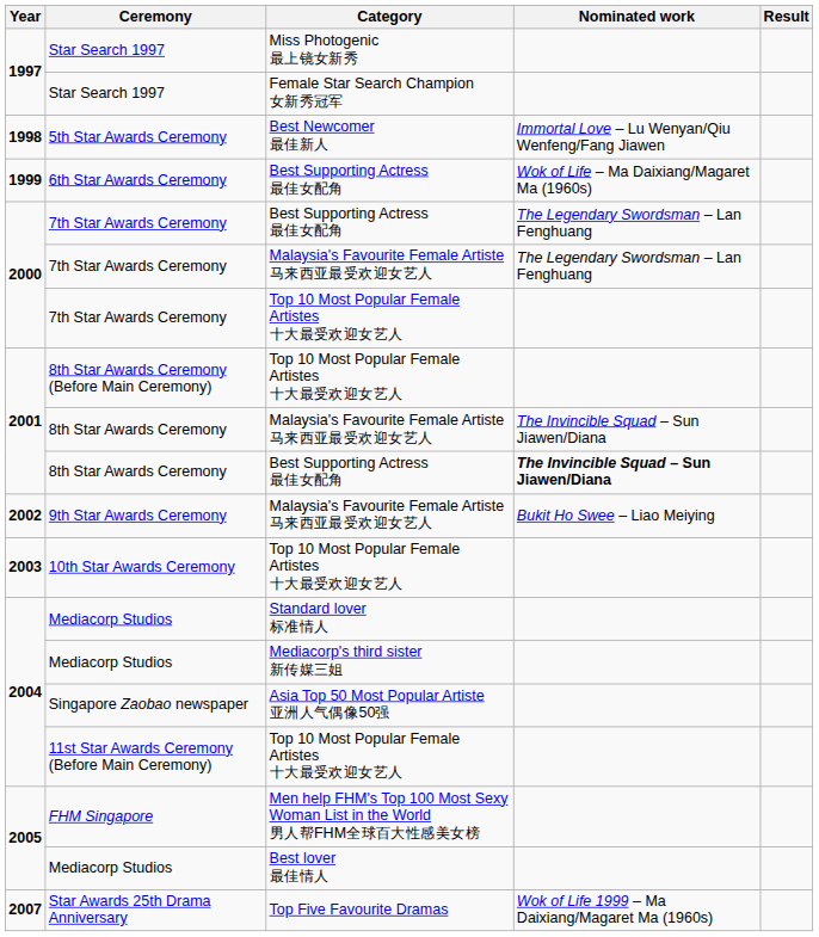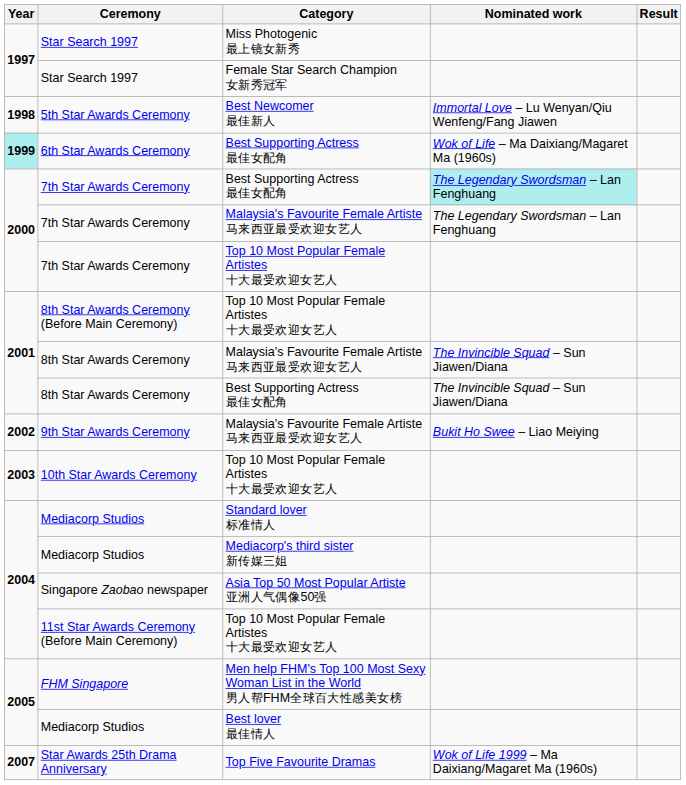 <table class="wikitable sortable">
 <tr>
 <th>Year</th>
 <th>Ceremony</th>
 <th>Category</th>
 <th>Nominated work</th>
 <th>Result</th>
 </tr>
 <tr>
 <td rowspan="2"><strong>1997</strong></td>
 <td><a href='#'>Star Search 1997</a></td>
 <td>Miss Photogenic<br>最上镜女新秀</td>
 <td></td>
 <td></td>
 </tr>
 <tr>
 <td>Star Search 1997</td>
 <td>Female Star Search Champion<br>女新秀冠军</td>
 <td></td>
 <td></td>
 </tr>
 <tr>
 <td><strong>1998</strong></td>
 <td><a href='#'>5th Star Awards Ceremony</a></td>
 <td><a href='#'>Best Newcomer</a><br>最佳新人</td>
 <td><em><a href='#'>Immortal Love</a></em> – Lu Wenyan/Qiu Wenfeng/Fang Jiawen</td>
 <td></td>
 </tr>
 <tr>
-<td><strong>1999</strong></td>
+<td style="background: paleturquoise;"><strong>1999</strong></td>
 <td><a href='#'>6th Star Awards Ceremony</a></td>
 <td><a href='#'>Best Supporting Actress</a><br>最佳女配角</td>
 <td><em><a href='#'>Wok of Life</a></em> – Ma Daixiang/Magaret Ma (1960s)</td>
 <td></td>
 </tr>
 <tr>
 <td rowspan="3"><strong>2000</strong></td>
 <td><a href='#'>7th Star Awards Ceremony</a></td>
 <td>Best Supporting Actress<br>最佳女配角</td>
-<td><em><a href='#'>The Legendary Swordsman</a></em> – Lan Fenghuang</td>
+<td style="background: paleturquoise;"><em><a href='#'>The Legendary Swordsman</a></em> – Lan Fenghuang</td>
 <td></td>
 </tr>
 <tr>
 <td>7th Star Awards Ceremony</td>
 <td><a href='#'>Malaysia's Favourite Female Artiste</a><br>马来西亚最受欢迎女艺人</td>
 <td><em>The Legendary Swordsman</em> – Lan Fenghuang</td>
 <td></td>
 </tr>
 <tr>
 <td>7th Star Awards Ceremony</td>
 <td><a href='#'>Top 10 Most Popular Female Artistes</a><br>十大最受欢迎女艺人</td>
 <td></td>
 <td></td>
 </tr>
 <tr>
 <td rowspan="3"><strong>2001</strong></td>
 <td><a href='#'>8th Star Awards Ceremony</a> (Before Main Ceremony)</td>
 <td>Top 10 Most Popular Female Artistes<br>十大最受欢迎女艺人</td>
 <td></td>
 <td></td>
 </tr>
 <tr>
 <td>8th Star Awards Ceremony</td>
 <td>Malaysia's Favourite Female Artiste<br>马来西亚最受欢迎女艺人</td>
 <td><em><a href='#'>The Invincible Squad</a></em> – Sun Jiawen/Diana</td>
 <td></td>
 </tr>
 <tr>
 <td>8th Star Awards Ceremony</td>
 <td>Best Supporting Actress<br>最佳女配角</td>
-<td><strong><em>The Invincible Squad</em> – Sun Jiawen/Diana</strong></td>
+<td><em>The Invincible Squad</em> – Sun Jiawen/Diana</td>
 <td></td>
 </tr>
 <tr>
 <td><strong>2002</strong></td>
 <td><a href='#'>9th Star Awards Ceremony</a></td>
 <td>Malaysia's Favourite Female Artiste<br>马来西亚最受欢迎女艺人</td>
 <td><em><a href='#'>Bukit Ho Swee</a></em> – Liao Meiying</td>
 <td></td>
 </tr>
 <tr>
 <td><strong>2003</strong></td>
 <td><a href='#'>10th Star Awards Ceremony</a></td>
 <td>Top 10 Most Popular Female Artistes<br>十大最受欢迎女艺人</td>
 <td></td>
 <td></td>
 </tr>
 <tr>
 <td rowspan="4"><strong>2004</strong></td>
 <td><a href='#'>Mediacorp Studios</a></td>
 <td><a href='#'>Standard lover</a><br>标准情人</td>
 <td></td>
 <td></td>
 </tr>
 <tr>
 <td>Mediacorp Studios</td>
 <td><a href='#'>Mediacorp's third sister</a><br>新传媒三姐</td>
 <td></td>
 <td></td>
 </tr>
 <tr>
 <td>Singapore <em>Zaobao</em> newspaper</td>
 <td><a href='#'>Asia Top 50 Most Popular Artiste</a><br>亚洲人气偶像50强</td>
 <td></td>
 <td></td>
 </tr>
 <tr>
 <td><a href='#'>11st Star Awards Ceremony</a> (Before Main Ceremony)</td>
 <td>Top 10 Most Popular Female Artistes<br>十大最受欢迎女艺人</td>
 <td></td>
 <td></td>
 </tr>
 <tr>
 <td rowspan="2"><strong>2005</strong></td>
 <td><em><a href='#'>FHM Singapore</a></em></td>
 <td><a href='#'>Men help FHM's Top 100 Most Sexy Woman List in the World</a><br>男人帮FHM全球百大性感美女榜</td>
 <td></td>
 <td></td>
 </tr>
 <tr>
 <td>Mediacorp Studios</td>
 <td><a href='#'>Best lover</a><br>最佳情人</td>
 <td></td>
 <td></td>
 </tr>
 <tr>
 <td><strong>2007</strong></td>
 <td><a href='#'>Star Awards 25th Drama Anniversary</a></td>
 <td><a href='#'>Top Five Favourite Dramas</a></td>
 <td><em><a href='#'>Wok of Life 1999</a></em> – Ma Daixiang/Magaret Ma (1960s)</td>
 <td></td>
 </tr>
 </table>
